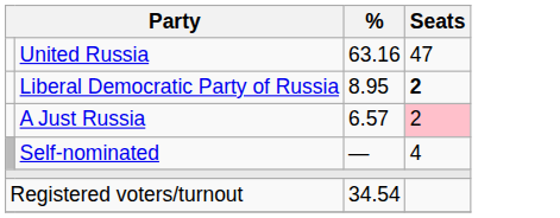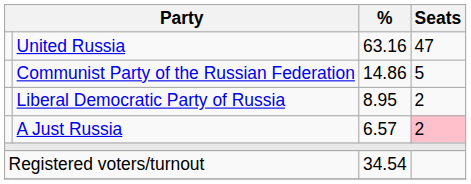 <table class="wikitable">
 <tr>
 <th colspan=2>Party</th>
 <th>%</th>
 <th>Seats</th>
 </tr>
 <tr>
 <td style="background:"></td>
 <td><a href='#'>United Russia</a></td>
 <td>63.16</td>
 <td>47</td>
 </tr>
 <tr>
 <td style="background:"></td>
+<td><a href='#'>Communist Party of the Russian Federation</a></td>
+<td>14.86</td>
+<td>5</td>
+</tr>
+<tr>
+<td style="background:"></td>
 <td><a href='#'>Liberal Democratic Party of Russia</a></td>
 <td>8.95</td>
-<td><strong>2</strong></td>
+<td>2</td>
 </tr>
 <tr>
 <td style="background:"></td>
 <td><a href='#'>A Just Russia</a></td>
 <td>6.57</td>
 <td style="background: pink;">2</td>
-</tr>
-<tr>
-<td style="background:#BBBBBB;"></td>
-<td><a href='#'>Self-nominated</a></td>
-<td>—</td>
-<td>4</td>
 </tr>
 <tr>
 <td colspan=4 style="background:#E9E9E9;"></td>
 </tr>
 <tr>
 <td align=left colspan=2>Registered voters/turnout</td>
 <td>34.54</td>
 <td></td>
 </tr>
 <tr>
 </tr>
 </table>
